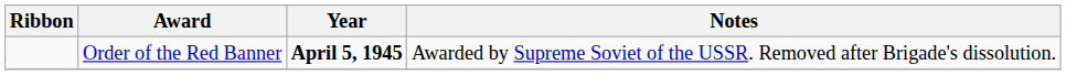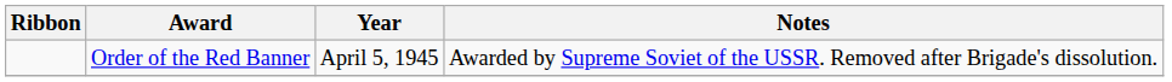 <table class="wikitable">
 <tr>
 <th>Ribbon</th>
 <th>Award</th>
 <th>Year</th>
 <th>Notes</th>
 </tr>
 <tr>
 <td></td>
 <td><a href='#'>Order of the Red Banner</a></td>
-<td><strong>April 5, 1945</strong></td>
+<td>April 5, 1945</td>
 <td>Awarded by <a href='#'>Supreme Soviet of the USSR</a>. Removed after Brigade's dissolution.</td>
 </tr>
 <tr>
 </tr>
 </table>
